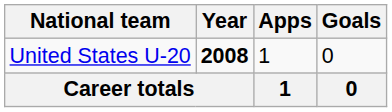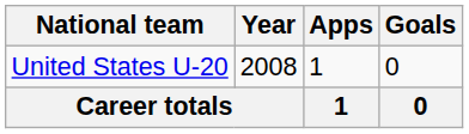 <table class="wikitable">
 <tr>
 <th>National team</th>
 <th>Year</th>
 <th>Apps</th>
 <th>Goals</th>
 </tr>
 <tr>
 <td><a href='#'>United States U-20</a></td>
-<td><strong>2008</strong></td>
+<td>2008</td>
 <td>1</td>
 <td>0</td>
 </tr>
 <tr>
 <th colspan=2>Career totals</th>
 <th>1</th>
 <th>0</th>
 </tr>
 </table>
